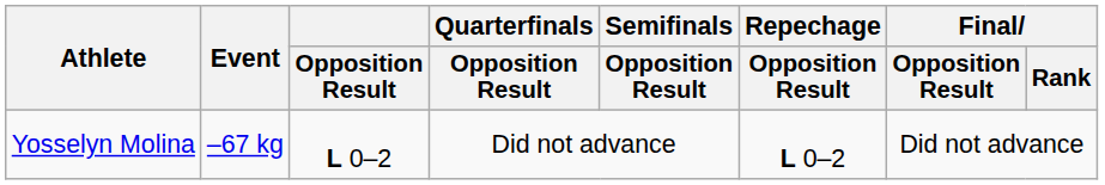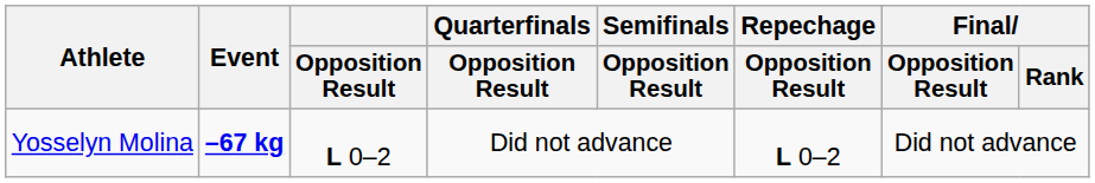 <table class=wikitable style=font-size:90%;text-align:center>
 <tr>
 <th rowspan=2>Athlete</th>
 <th rowspan=2>Event</th>
 <th></th>
 <th>Quarterfinals</th>
 <th>Semifinals</th>
 <th>Repechage</th>
 <th colspan=2>Final/ </th>
 </tr>
 <tr style=font-size:95%>
 <th>Opposition<br>Result</th>
 <th>Opposition<br>Result</th>
 <th>Opposition<br>Result</th>
 <th>Opposition<br>Result</th>
 <th>Opposition<br>Result</th>
 <th>Rank</th>
 </tr>
 <tr align=center>
 <td align=left><a href='#'>Yosselyn Molina</a></td>
-<td align=left><a href='#'>–67 kg</a></td>
+<td align=left><strong><a href='#'>–67 kg</a></strong></td>
 <td><br><strong>L</strong> 0–2</td>
 <td colspan=2>Did not advance</td>
 <td><br><strong>L</strong> 0–2</td>
 <td colspan=2>Did not advance</td>
 </tr>
 </table>
